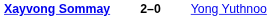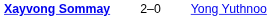 <table>
 <tr>
 <th width=400></th>
 <th width=100></th>
 <th width=400></th>
 </tr>
 <tr>
 <td align=right><strong><a href='#'>Xayvong Sommay</a> </strong></td>
-<td align=center><strong>2–0</strong></td>
+<td align=center>2–0</td>
 <td> <a href='#'>Yong Yuthnoo</a></td>
 </tr>
 </table>
